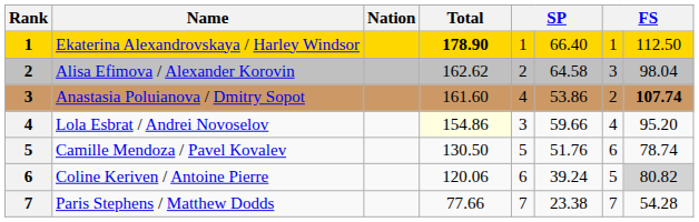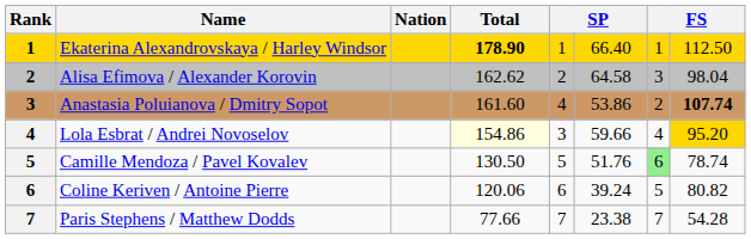 <table class="wikitable sortable">
 <tr>
 <th>Rank</th>
 <th>Name</th>
 <th>Nation</th>
 <th width="80px">Total</th>
 <th colspan="2" width="80px"><a href='#'>SP</a></th>
 <th colspan="2" width="80px"><a href='#'>FS</a></th>
 </tr>
 <tr bgcolor="gold">
 <td align="center"><strong>1</strong></td>
 <td><a href='#'>Ekaterina Alexandrovskaya</a> / <a href='#'>Harley Windsor</a></td>
 <td></td>
 <td align="center"><strong>178.90</strong></td>
 <td align="center">1</td>
 <td align="center">66.40</td>
 <td align="center">1</td>
 <td align="center">112.50</td>
 </tr>
 <tr bgcolor="silver">
 <td align="center"><strong>2</strong></td>
 <td><a href='#'>Alisa Efimova</a> / <a href='#'>Alexander Korovin</a></td>
 <td></td>
 <td align="center">162.62</td>
 <td align="center">2</td>
 <td align="center">64.58</td>
 <td align="center">3</td>
 <td align="center">98.04</td>
 </tr>
 <tr bgcolor="cc9966">
 <td align="center"><strong>3</strong></td>
 <td><a href='#'>Anastasia Poluianova</a> / <a href='#'>Dmitry Sopot</a></td>
 <td></td>
 <td align="center">161.60</td>
 <td align="center">4</td>
 <td align="center">53.86</td>
 <td align="center">2</td>
 <td align="center"><strong>107.74</strong></td>
 </tr>
 <tr>
 <th>4</th>
 <td><a href='#'>Lola Esbrat</a> / <a href='#'>Andrei Novoselov</a></td>
 <td></td>
 <td align="center" style="background: lightyellow;">154.86</td>
 <td align="center">3</td>
 <td align="center">59.66</td>
 <td align="center">4</td>
-<td align="center">95.20</td>
+<td align="center" style="background: gold;">95.20</td>
 </tr>
 <tr>
 <th>5</th>
 <td><a href='#'>Camille Mendoza</a> / <a href='#'>Pavel Kovalev</a></td>
 <td></td>
 <td align="center">130.50</td>
 <td align="center">5</td>
 <td align="center">51.76</td>
-<td align="center">6</td>
+<td align="center" style="background: lightgreen;">6</td>
 <td align="center">78.74</td>
 </tr>
 <tr>
 <th>6</th>
 <td><a href='#'>Coline Keriven</a> / <a href='#'>Antoine Pierre</a></td>
 <td></td>
 <td align="center">120.06</td>
 <td align="center">6</td>
 <td align="center">39.24</td>
 <td align="center">5</td>
-<td align="center" style="background: lightgrey;">80.82</td>
+<td align="center">80.82</td>
 </tr>
 <tr>
 <th>7</th>
 <td><a href='#'>Paris Stephens</a> / <a href='#'>Matthew Dodds</a></td>
 <td></td>
 <td align="center">77.66</td>
 <td align="center">7</td>
 <td align="center">23.38</td>
 <td align="center">7</td>
 <td align="center">54.28</td>
 </tr>
 </table>
